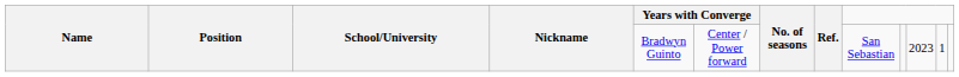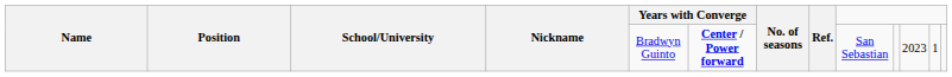 <table class="wikitable sortable" style="text-align:center" width="98%">
 <tr>
 <th style="width:180px;" rowspan="2">Name</th>
 <th style="width:180px;" rowspan="2">Position</th>
 <th style="width:250px;" rowspan="2">School/University</th>
 <th style="width:180px;" rowspan="2">Nickname</th>
 <th style="width:180px; text-align:center;" colspan="2">Years with Converge</th>
 <th rowspan="2">No. of seasons</th>
 <th rowspan="2"; class=unsortable>Ref.</th>
 </tr>
 <tr>
 <td><a href='#'>Bradwyn Guinto</a></td>
-<td><a href='#'>Center</a> / <a href='#'>Power forward</a></td>
+<td><strong><a href='#'>Center</a> / <a href='#'>Power forward</a></strong></td>
 <td><a href='#'>San Sebastian</a></td>
 <td></td>
 <td colspan="2">2023</td>
 <td>1</td>
 <td></td>
 </tr>
 </table>
